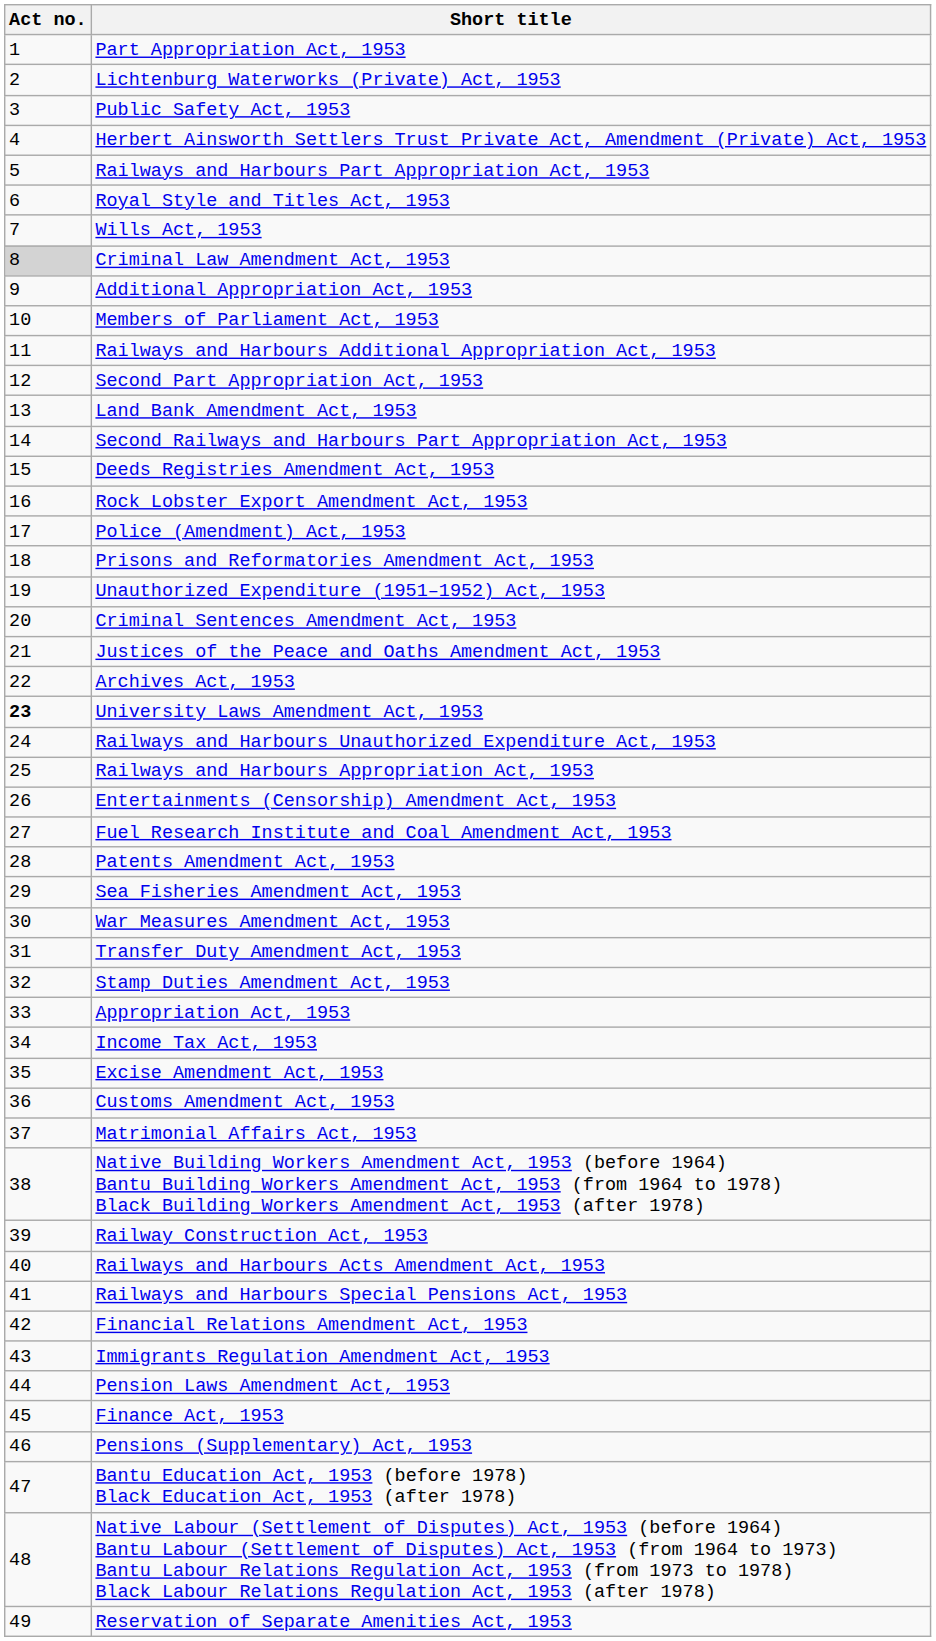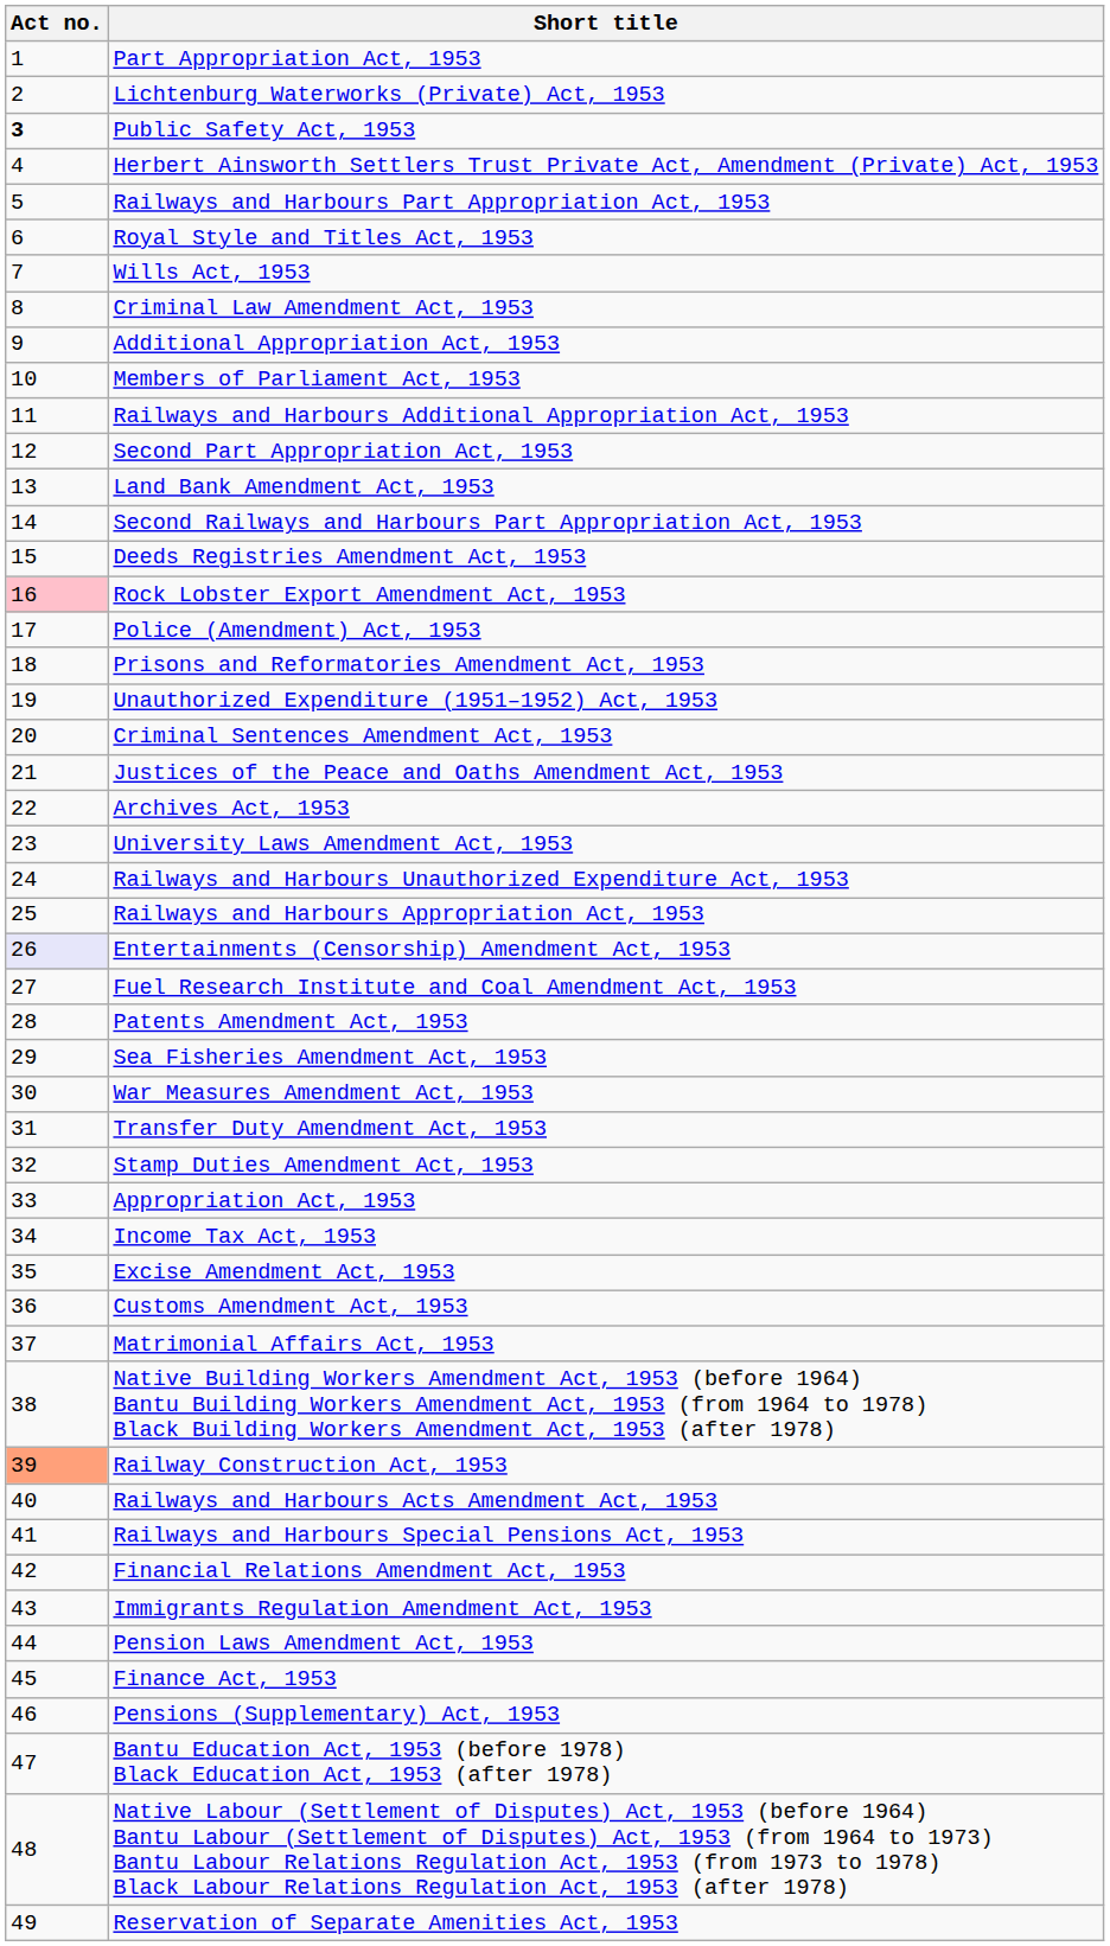 <table class="wikitable sortable">
 <tr>
 <th>Act no.</th>
 <th>Short title</th>
 </tr>
 <tr>
 <td>1</td>
 <td><a href='#'>Part Appropriation Act, 1953</a></td>
 </tr>
 <tr>
 <td>2</td>
 <td><a href='#'>Lichtenburg Waterworks (Private) Act, 1953</a></td>
 </tr>
 <tr>
-<td>3</td>
+<td><strong>3</strong></td>
 <td><a href='#'>Public Safety Act, 1953</a></td>
 </tr>
 <tr>
 <td>4</td>
 <td><a href='#'>Herbert Ainsworth Settlers Trust Private Act, Amendment (Private) Act, 1953</a></td>
 </tr>
 <tr>
 <td>5</td>
 <td><a href='#'>Railways and Harbours Part Appropriation Act, 1953</a></td>
 </tr>
 <tr>
 <td>6</td>
 <td><a href='#'>Royal Style and Titles Act, 1953</a></td>
 </tr>
 <tr>
 <td>7</td>
 <td><a href='#'>Wills Act, 1953</a></td>
 </tr>
 <tr>
-<td style="background: lightgrey;">8</td>
+<td>8</td>
 <td><a href='#'>Criminal Law Amendment Act, 1953</a></td>
 </tr>
 <tr>
 <td>9</td>
 <td><a href='#'>Additional Appropriation Act, 1953</a></td>
 </tr>
 <tr>
 <td>10</td>
 <td><a href='#'>Members of Parliament Act, 1953</a></td>
 </tr>
 <tr>
 <td>11</td>
 <td><a href='#'>Railways and Harbours Additional Appropriation Act, 1953</a></td>
 </tr>
 <tr>
 <td>12</td>
 <td><a href='#'>Second Part Appropriation Act, 1953</a></td>
 </tr>
 <tr>
 <td>13</td>
 <td><a href='#'>Land Bank Amendment Act, 1953</a></td>
 </tr>
 <tr>
 <td>14</td>
 <td><a href='#'>Second Railways and Harbours Part Appropriation Act, 1953</a></td>
 </tr>
 <tr>
 <td>15</td>
 <td><a href='#'>Deeds Registries Amendment Act, 1953</a></td>
 </tr>
 <tr>
-<td>16</td>
+<td style="background: pink;">16</td>
 <td><a href='#'>Rock Lobster Export Amendment Act, 1953</a></td>
 </tr>
 <tr>
 <td>17</td>
 <td><a href='#'>Police (Amendment) Act, 1953</a></td>
 </tr>
 <tr>
 <td>18</td>
 <td><a href='#'>Prisons and Reformatories Amendment Act, 1953</a></td>
 </tr>
 <tr>
 <td>19</td>
 <td><a href='#'>Unauthorized Expenditure (1951–1952) Act, 1953</a></td>
 </tr>
 <tr>
 <td>20</td>
 <td><a href='#'>Criminal Sentences Amendment Act, 1953</a></td>
 </tr>
 <tr>
 <td>21</td>
 <td><a href='#'>Justices of the Peace and Oaths Amendment Act, 1953</a></td>
 </tr>
 <tr>
 <td>22</td>
 <td><a href='#'>Archives Act, 1953</a></td>
 </tr>
 <tr>
-<td><strong>23</strong></td>
+<td>23</td>
 <td><a href='#'>University Laws Amendment Act, 1953</a></td>
 </tr>
 <tr>
 <td>24</td>
 <td><a href='#'>Railways and Harbours Unauthorized Expenditure Act, 1953</a></td>
 </tr>
 <tr>
 <td>25</td>
 <td><a href='#'>Railways and Harbours Appropriation Act, 1953</a></td>
 </tr>
 <tr>
-<td>26</td>
+<td style="background: lavender;">26</td>
 <td><a href='#'>Entertainments (Censorship) Amendment Act, 1953</a></td>
 </tr>
 <tr>
 <td>27</td>
 <td><a href='#'>Fuel Research Institute and Coal Amendment Act, 1953</a></td>
 </tr>
 <tr>
 <td>28</td>
 <td><a href='#'>Patents Amendment Act, 1953</a></td>
 </tr>
 <tr>
 <td>29</td>
 <td><a href='#'>Sea Fisheries Amendment Act, 1953</a></td>
 </tr>
 <tr>
 <td>30</td>
 <td><a href='#'>War Measures Amendment Act, 1953</a></td>
 </tr>
 <tr>
 <td>31</td>
 <td><a href='#'>Transfer Duty Amendment Act, 1953</a></td>
 </tr>
 <tr>
 <td>32</td>
 <td><a href='#'>Stamp Duties Amendment Act, 1953</a></td>
 </tr>
 <tr>
 <td>33</td>
 <td><a href='#'>Appropriation Act, 1953</a></td>
 </tr>
 <tr>
 <td>34</td>
 <td><a href='#'>Income Tax Act, 1953</a></td>
 </tr>
 <tr>
 <td>35</td>
 <td><a href='#'>Excise Amendment Act, 1953</a></td>
 </tr>
 <tr>
 <td>36</td>
 <td><a href='#'>Customs Amendment Act, 1953</a></td>
 </tr>
 <tr>
 <td>37</td>
 <td><a href='#'>Matrimonial Affairs Act, 1953</a></td>
 </tr>
 <tr>
 <td>38</td>
 <td><a href='#'>Native Building Workers Amendment Act, 1953</a> (before 1964) <br><a href='#'>Bantu Building Workers Amendment Act, 1953</a> (from 1964 to 1978) <br><a href='#'>Black Building Workers Amendment Act, 1953</a> (after 1978)</td>
 </tr>
 <tr>
-<td>39</td>
+<td style="background: lightsalmon;">39</td>
 <td><a href='#'>Railway Construction Act, 1953</a></td>
 </tr>
 <tr>
 <td>40</td>
 <td><a href='#'>Railways and Harbours Acts Amendment Act, 1953</a></td>
 </tr>
 <tr>
 <td>41</td>
 <td><a href='#'>Railways and Harbours Special Pensions Act, 1953</a></td>
 </tr>
 <tr>
 <td>42</td>
 <td><a href='#'>Financial Relations Amendment Act, 1953</a></td>
 </tr>
 <tr>
 <td>43</td>
 <td><a href='#'>Immigrants Regulation Amendment Act, 1953</a></td>
 </tr>
 <tr>
 <td>44</td>
 <td><a href='#'>Pension Laws Amendment Act, 1953</a></td>
 </tr>
 <tr>
 <td>45</td>
 <td><a href='#'>Finance Act, 1953</a></td>
 </tr>
 <tr>
 <td>46</td>
 <td><a href='#'>Pensions (Supplementary) Act, 1953</a></td>
 </tr>
 <tr>
 <td>47</td>
 <td><a href='#'>Bantu Education Act, 1953</a> (before 1978) <br><a href='#'>Black Education Act, 1953</a> (after 1978)</td>
 </tr>
 <tr>
 <td>48</td>
 <td><a href='#'>Native Labour (Settlement of Disputes) Act, 1953</a> (before 1964) <br><a href='#'>Bantu Labour (Settlement of Disputes) Act, 1953</a> (from 1964 to 1973) <br><a href='#'>Bantu Labour Relations Regulation Act, 1953</a> (from 1973 to 1978) <br><a href='#'>Black Labour Relations Regulation Act, 1953</a> (after 1978)</td>
 </tr>
 <tr>
 <td>49</td>
 <td><a href='#'>Reservation of Separate Amenities Act, 1953</a></td>
 </tr>
 </table>
